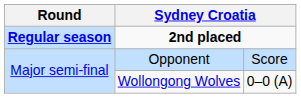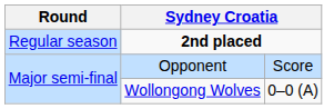 <table class="wikitable" style="text-align:center">
 <tr>
 <th>Round</th>
 <th colspan="4"><a href='#'>Sydney Croatia</a></th>
 </tr>
 <tr>
-<td style="background:#c1e0ff"><strong><a href='#'>Regular season</a></strong></td>
+<td style="background:#c1e0ff"><a href='#'>Regular season</a></td>
 <td colspan="4" valign="top"><strong>2nd placed</strong></td>
 </tr>
 <tr style="background:#c1e0ff">
 <td rowspan=2><a href='#'>Major semi-final</a></td>
 <td>Opponent</td>
 <td colspan="3">Score</td>
 </tr>
 <tr>
 <td><a href='#'>Wollongong Wolves</a></td>
 <td colspan="3">0–0  (A)</td>
 </tr>
 </table>
